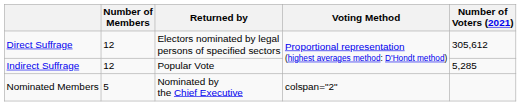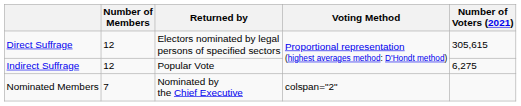 <table class="wikitable">
 <tr>
 <th></th>
 <th>Number of<br> Members</th>
 <th>Returned by</th>
 <th>Voting Method</th>
 <th>Number of<br> Voters (<a href='#'>2021</a>)</th>
 </tr>
 <tr>
 <td><a href='#'>Direct Suffrage</a></td>
 <td>12</td>
 <td>Electors nominated by legal<br> persons of specified sectors</td>
 <td rowspan="2"><a href='#'>Proportional representation</a><br> <small>(<a href='#'>highest averages method</a>: <a href='#'>D'Hondt method</a>)</small></td>
-<td>305,612</td>
+<td>305,615</td>
 </tr>
 <tr>
 <td><a href='#'>Indirect Suffrage</a></td>
 <td>12</td>
 <td>Popular Vote</td>
-<td>5,285</td>
+<td>6,275</td>
 </tr>
 <tr>
 <td>Nominated Members</td>
-<td>5</td>
+<td>7</td>
 <td>Nominated by<br>the <a href='#'>Chief Executive</a></td>
 <td>colspan="2"</td>
 </tr>
 </table>
